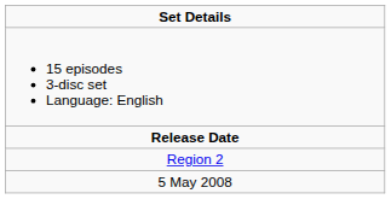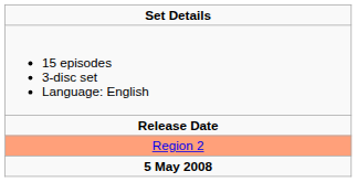 <table class="wikitable" style="font-size: 95%;">
 <tr valign="top">
 <td align="center" width="400" colspan="3"><strong>Set Details</strong></td>
 </tr>
 <tr valign="top">
 <td colspan="3" align="left" width="400"><br><ul><li>15 episodes</li><li>3-disc set</li><li>Language: English</li></ul></td>
 </tr>
 <tr>
 <td colspan="3" align="center"><strong>Release Date</strong></td>
 </tr>
 <tr>
-<td align="center"><a href='#'>Region 2</a></td>
+<td align="center" style="background: lightsalmon;"><a href='#'>Region 2</a></td>
 </tr>
 <tr>
-<td align="center">5 May 2008</td>
+<td align="center"><strong>5 May 2008</strong></td>
 </tr>
 </table>
